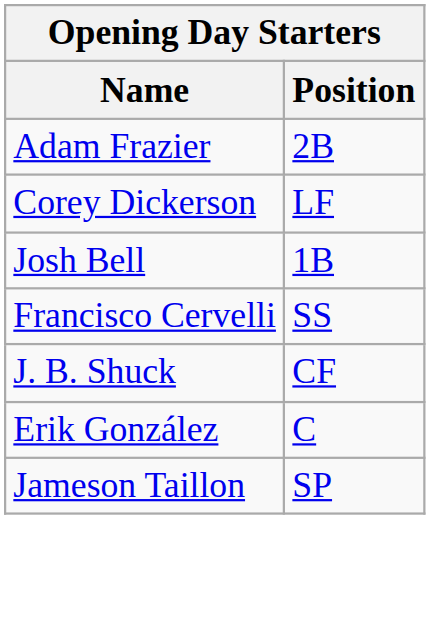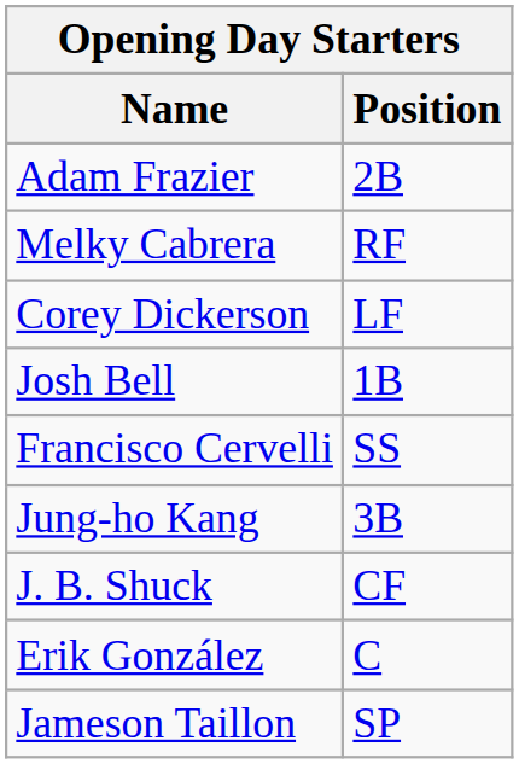 <table class="wikitable" style="text-align:left">
 <tr>
 <th colspan="2">Opening Day Starters</th>
 </tr>
 <tr>
 <th>Name</th>
 <th>Position</th>
 </tr>
 <tr>
 <td><a href='#'>Adam Frazier</a></td>
 <td><a href='#'>2B</a></td>
+</tr>
+<tr>
+<td><a href='#'>Melky Cabrera</a></td>
+<td><a href='#'>RF</a></td>
 </tr>
 <tr>
 <td><a href='#'>Corey Dickerson</a></td>
 <td><a href='#'>LF</a></td>
 </tr>
 <tr>
 <td><a href='#'>Josh Bell</a></td>
 <td><a href='#'>1B</a></td>
 </tr>
 <tr>
 <td><a href='#'>Francisco Cervelli</a></td>
 <td><a href='#'>SS</a></td>
 </tr>
 <tr>
+<td><a href='#'>Jung-ho Kang</a></td>
+<td><a href='#'>3B</a></td>
+</tr>
+<tr>
 <td><a href='#'>J. B. Shuck</a></td>
 <td><a href='#'>CF</a></td>
 </tr>
 <tr>
 <td><a href='#'>Erik González</a></td>
 <td><a href='#'>C</a></td>
 </tr>
 <tr>
 <td><a href='#'>Jameson Taillon</a></td>
 <td><a href='#'>SP</a></td>
 </tr>
 </table>
